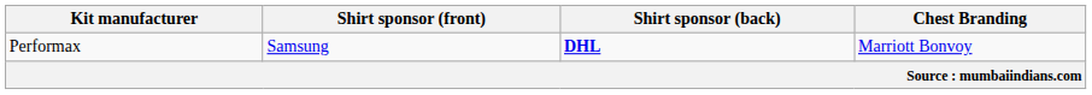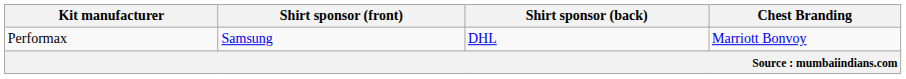 <table class="wikitable"  style="font-size:85%; width:55%;">
 <tr>
 <th>Kit manufacturer</th>
 <th>Shirt sponsor (front)</th>
 <th>Shirt sponsor (back)</th>
 <th>Chest Branding</th>
 </tr>
 <tr>
 <td>Performax</td>
 <td><a href='#'>Samsung</a></td>
-<td><strong><a href='#'>DHL</a></strong></td>
+<td><a href='#'>DHL</a></td>
 <td><a href='#'>Marriott Bonvoy</a></td>
 </tr>
 <tr>
 <th colspan="4" style="text-align:right;"><small> Source : mumbaiindians.com</small></th>
 </tr>
 </table>
